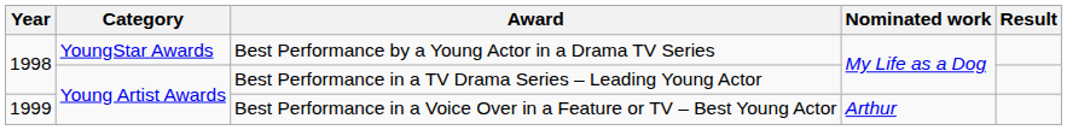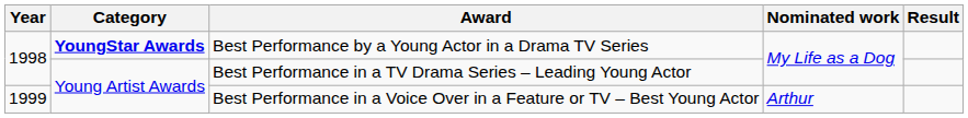 <table class="wikitable">
 <tr>
 <th>Year</th>
 <th>Category</th>
 <th>Award</th>
 <th>Nominated work</th>
 <th>Result</th>
 </tr>
 <tr>
 <td rowspan="2">1998</td>
-<td><a href='#'>YoungStar Awards</a></td>
+<td><strong><a href='#'>YoungStar Awards</a></strong></td>
 <td>Best Performance by a Young Actor in a Drama TV Series</td>
 <td rowspan="2"><em><a href='#'>My Life as a Dog</a></em></td>
 <td></td>
 </tr>
 <tr>
 <td rowspan="2"><a href='#'>Young Artist Awards</a></td>
 <td>Best Performance in a TV Drama Series – Leading Young Actor</td>
 <td></td>
 </tr>
 <tr>
 <td>1999</td>
 <td>Best Performance in a Voice Over in a Feature or TV – Best Young Actor</td>
 <td><em><a href='#'>Arthur</a></em></td>
 <td></td>
 </tr>
 </table>
